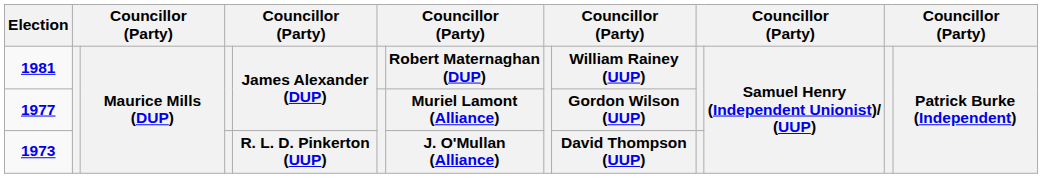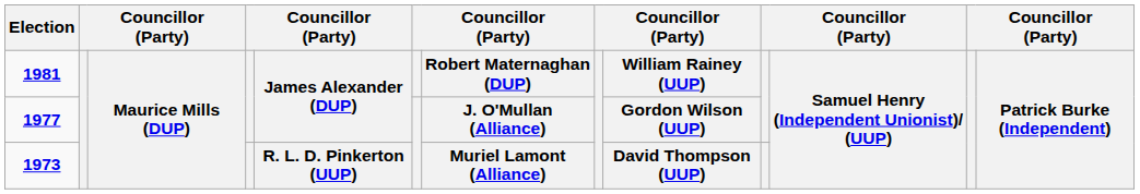 <table class="wikitable" style="text-align:center">
 <tr>
 <th scope="col" width="50">Election</th>
 <th scope="col" width="150" colspan = "2">Councillor<br> (Party)</th>
 <th scope="col" width="150" colspan = "2">Councillor<br> (Party)</th>
 <th scope="col" width="150" colspan = "2">Councillor<br> (Party)</th>
 <th scope="col" width="150" colspan = "2">Councillor<br> (Party)</th>
 <th scope="col" width="150" colspan = "2">Councillor<br> (Party)</th>
 <th scope="col" width="150" colspan = "2">Councillor<br> (Party)</th>
 </tr>
 <tr>
 <td><strong><a href='#'>1981</a></strong></td>
 <th rowspan="3" width="1" style="background-color: "></th>
 <th rowspan = "3">Maurice Mills <br> (<a href='#'>DUP</a>)</th>
 <th rowspan="2" width="1" style="background-color: "></th>
 <th rowspan = "2">James Alexander <br> (<a href='#'>DUP</a>)</th>
 <th rowspan="1" width="1" style="background-color: "></th>
 <th rowspan = "1">Robert Maternaghan <br> (<a href='#'>DUP</a>)</th>
 <th rowspan="3" width="1" style="background-color: "></th>
 <th rowspan = "1">William Rainey <br> (<a href='#'>UUP</a>)</th>
 <th rowspan="2" width="1" style="background-color: "></th>
 <th rowspan = "3">Samuel Henry <br> (<a href='#'>Independent Unionist</a>)/ <br> (<a href='#'>UUP</a>)</th>
 <th rowspan="3" width="1" style="background-color: "></th>
 <th rowspan = "3">Patrick Burke <br> (<a href='#'>Independent</a>)</th>
 </tr>
 <tr>
 <td><strong><a href='#'>1977</a></strong></td>
 <th rowspan="2" width="1" style="background-color: "></th>
-<th rowspan = "1">Muriel Lamont <br> (<a href='#'>Alliance</a>)</th>
+<th rowspan = "1">J. O'Mullan <br> (<a href='#'>Alliance</a>)</th>
 <th rowspan = "1">Gordon Wilson <br> (<a href='#'>UUP</a>)</th>
 </tr>
 <tr>
 <td><strong><a href='#'>1973</a></strong></td>
 <th rowspan="1" width="1" style="background-color: "></th>
 <th rowspan = "1">R. L. D. Pinkerton <br> (<a href='#'>UUP</a>)</th>
-<th rowspan = "1">J. O'Mullan <br> (<a href='#'>Alliance</a>)</th>
+<th rowspan = "1">Muriel Lamont <br> (<a href='#'>Alliance</a>)</th>
 <th rowspan = "1">David Thompson <br> (<a href='#'>UUP</a>)</th>
 <th rowspan="1" width="1" style="background-color: "></th>
 </tr>
 </table>
